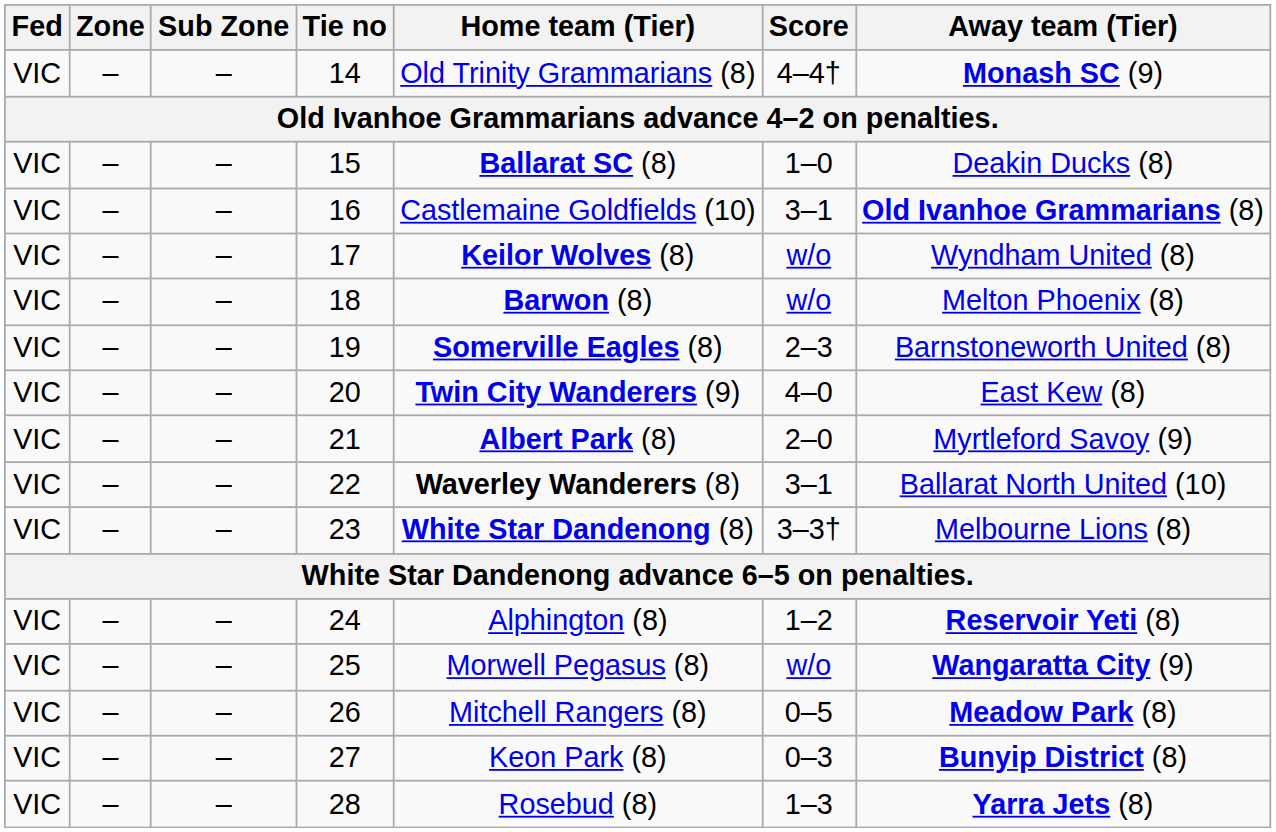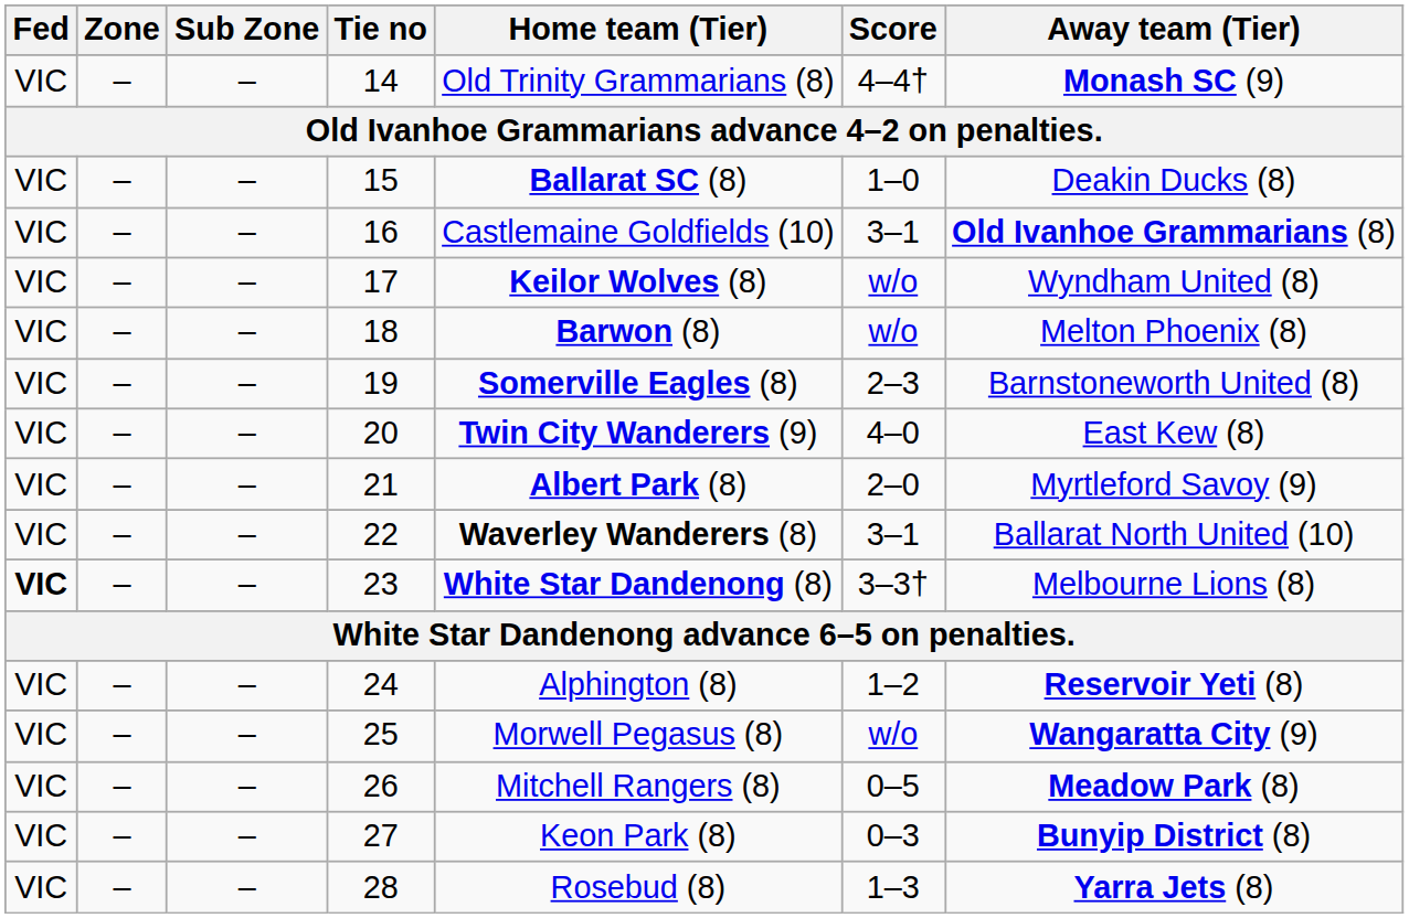 <table class="wikitable" style="text-align:center">
 <tr>
 <th>Fed</th>
 <th>Zone</th>
 <th>Sub Zone</th>
 <th>Tie no</th>
 <th>Home team (Tier)</th>
 <th>Score</th>
 <th>Away team (Tier)</th>
 </tr>
 <tr>
 <td>VIC</td>
 <td>–</td>
 <td>–</td>
 <td>14</td>
 <td><a href='#'>Old Trinity Grammarians</a> (8)</td>
 <td>4–4†</td>
 <td><strong><a href='#'>Monash SC</a></strong> (9)</td>
 </tr>
 <tr>
 <th colspan=7>Old Ivanhoe Grammarians advance 4–2 on penalties.</th>
 </tr>
 <tr>
 <td>VIC</td>
 <td>–</td>
 <td>–</td>
 <td>15</td>
 <td><strong><a href='#'>Ballarat SC</a></strong> (8)</td>
 <td>1–0</td>
 <td><a href='#'>Deakin Ducks</a> (8)</td>
 </tr>
 <tr>
 <td>VIC</td>
 <td>–</td>
 <td>–</td>
 <td>16</td>
 <td><a href='#'>Castlemaine Goldfields</a> (10)</td>
 <td>3–1</td>
 <td><strong><a href='#'>Old Ivanhoe Grammarians</a></strong> (8)</td>
 </tr>
 <tr>
 <td>VIC</td>
 <td>–</td>
 <td>–</td>
 <td>17</td>
 <td><strong><a href='#'>Keilor Wolves</a></strong> (8)</td>
 <td><a href='#'>w/o</a></td>
 <td><a href='#'>Wyndham United</a> (8)</td>
 </tr>
 <tr>
 <td>VIC</td>
 <td>–</td>
 <td>–</td>
 <td>18</td>
 <td><strong><a href='#'>Barwon</a></strong> (8)</td>
 <td><a href='#'>w/o</a></td>
 <td><a href='#'>Melton Phoenix</a> (8)</td>
 </tr>
 <tr>
 <td>VIC</td>
 <td>–</td>
 <td>–</td>
 <td>19</td>
 <td><strong><a href='#'>Somerville Eagles</a></strong> (8)</td>
 <td>2–3</td>
 <td><a href='#'>Barnstoneworth United</a> (8)</td>
 </tr>
 <tr>
 <td>VIC</td>
 <td>–</td>
 <td>–</td>
 <td>20</td>
 <td><strong><a href='#'>Twin City Wanderers</a></strong> (9)</td>
 <td>4–0</td>
 <td><a href='#'>East Kew</a> (8)</td>
 </tr>
 <tr>
 <td>VIC</td>
 <td>–</td>
 <td>–</td>
 <td>21</td>
 <td><strong><a href='#'>Albert Park</a></strong> (8)</td>
 <td>2–0</td>
 <td><a href='#'>Myrtleford Savoy</a> (9)</td>
 </tr>
 <tr>
 <td>VIC</td>
 <td>–</td>
 <td>–</td>
 <td>22</td>
 <td><strong>Waverley Wanderers</strong> (8)</td>
 <td>3–1</td>
 <td><a href='#'>Ballarat North United</a> (10)</td>
 </tr>
 <tr>
-<td>VIC</td>
+<td><strong>VIC</strong></td>
 <td>–</td>
 <td>–</td>
 <td>23</td>
 <td><strong><a href='#'>White Star Dandenong</a></strong> (8)</td>
 <td>3–3†</td>
 <td><a href='#'>Melbourne Lions</a> (8)</td>
 </tr>
 <tr>
 <th colspan=7>White Star Dandenong advance 6–5 on penalties.</th>
 </tr>
 <tr>
 <td>VIC</td>
 <td>–</td>
 <td>–</td>
 <td>24</td>
 <td><a href='#'>Alphington</a> (8)</td>
 <td>1–2</td>
 <td><strong><a href='#'>Reservoir Yeti</a></strong> (8)</td>
 </tr>
 <tr>
 <td>VIC</td>
 <td>–</td>
 <td>–</td>
 <td>25</td>
 <td><a href='#'>Morwell Pegasus</a> (8)</td>
 <td><a href='#'>w/o</a></td>
 <td><strong><a href='#'>Wangaratta City</a></strong> (9)</td>
 </tr>
 <tr>
 <td>VIC</td>
 <td>–</td>
 <td>–</td>
 <td>26</td>
 <td><a href='#'>Mitchell Rangers</a> (8)</td>
 <td>0–5</td>
 <td><strong><a href='#'>Meadow Park</a></strong> (8)</td>
 </tr>
 <tr>
 <td>VIC</td>
 <td>–</td>
 <td>–</td>
 <td>27</td>
 <td><a href='#'>Keon Park</a> (8)</td>
 <td>0–3</td>
 <td><strong><a href='#'>Bunyip District</a></strong> (8)</td>
 </tr>
 <tr>
 <td>VIC</td>
 <td>–</td>
 <td>–</td>
 <td>28</td>
 <td><a href='#'>Rosebud</a> (8)</td>
 <td>1–3</td>
 <td><strong><a href='#'>Yarra Jets</a></strong> (8)</td>
 </tr>
 </table>
